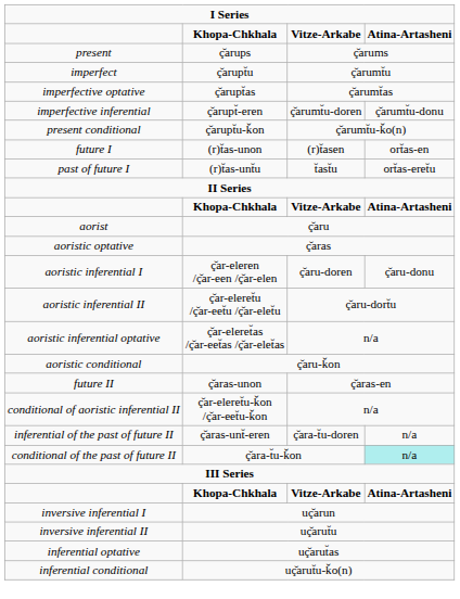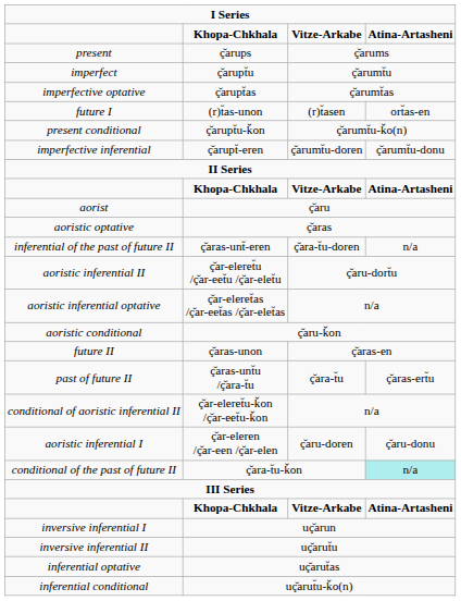 <table class="wikitable" style="text-align:center;">
 <tr>
 <td colspan="4"><strong>I Series</strong></td>
 </tr>
 <tr>
 <td></td>
 <td><strong>Khopa-Chkhala</strong></td>
 <td><strong>Vitze-Arkabe</strong></td>
 <td><strong>Atina-Artasheni</strong></td>
 </tr>
 <tr>
 <td><em>present</em></td>
 <td>ç̌arups</td>
 <td colspan="2">ç̌arums</td>
 </tr>
 <tr>
 <td><em>imperfect</em></td>
 <td>ç̌arupt̆u</td>
 <td colspan="2">ç̌arumt̆u</td>
 </tr>
 <tr>
 <td><em>imperfective optative</em></td>
 <td>ç̌arupt̆as</td>
 <td colspan="2">ç̌arumt̆as</td>
 </tr>
 <tr>
-<td><em>imperfective inferential</em></td>
-<td>ç̌arupt̆-eren</td>
-<td>ç̌arumt̆u-doren</td>
-<td>ç̌arumt̆u-donu</td>
+<td><em>future I</em></td>
+<td>(r)t̆as-unon</td>
+<td>(r)t̆asen</td>
+<td>ort̆as-en</td>
 </tr>
 <tr>
 <td><em>present conditional</em></td>
 <td>ç̌arupt̆u-ǩon</td>
 <td colspan="2">ç̌arumt̆u-ǩo(n)</td>
 </tr>
 <tr>
-<td><em>future I</em></td>
-<td>(r)t̆as-unon</td>
-<td>(r)t̆asen</td>
-<td>ort̆as-en</td>
-</tr>
-<tr>
-<td><em>past of future I</em></td>
-<td>(r)t̆as-unt̆u</td>
-<td>t̆ast̆u</td>
-<td>ort̆as-eret̆u</td>
+<td><em>imperfective inferential</em></td>
+<td>ç̌arupt̆-eren</td>
+<td>ç̌arumt̆u-doren</td>
+<td>ç̌arumt̆u-donu</td>
 </tr>
 <tr>
 <td colspan="4"><strong>II Series</strong></td>
 </tr>
 <tr>
 <td></td>
 <td><strong>Khopa-Chkhala</strong></td>
 <td><strong>Vitze-Arkabe</strong></td>
 <td><strong>Atina-Artasheni</strong></td>
 </tr>
 <tr>
 <td><em>aorist</em></td>
 <td colspan="3">ç̌aru</td>
 </tr>
 <tr>
 <td><em>aoristic optative</em></td>
 <td colspan="3">ç̌aras</td>
 </tr>
 <tr>
-<td><em>aoristic inferential I</em></td>
-<td>ç̌ar-eleren<br>/ç̌ar-een /ç̌ar-elen</td>
-<td>ç̌aru-doren</td>
-<td>ç̌aru-donu</td>
+<td><em>inferential of the past of future II</em></td>
+<td>ç̌aras-unt̆-eren</td>
+<td>ç̌ara-t̆u-doren</td>
+<td>n/a</td>
 </tr>
 <tr>
 <td><em>aoristic inferential II</em></td>
 <td>ç̌ar-eleret̆u<br>/ç̌ar-eet̆u /ç̌ar-elet̆u</td>
 <td colspan="2">ç̌aru-dort̆u</td>
 </tr>
 <tr>
 <td><em>aoristic inferential optative</em></td>
 <td>ç̌ar-eleret̆as<br>/ç̌ar-eet̆as /ç̌ar-elet̆as</td>
 <td colspan="2">n/a</td>
 </tr>
 <tr>
 <td><em>aoristic conditional</em></td>
 <td colspan="3">ç̌aru-ǩon</td>
 </tr>
 <tr>
 <td><em>future II</em></td>
 <td>ç̌aras-unon</td>
 <td colspan="2">ç̌aras-en</td>
 </tr>
 <tr>
+<td><em>past of future II</em></td>
+<td>ç̌aras-unt̆u<br>/ç̌ara-t̆u</td>
+<td>ç̌ara-t̆u</td>
+<td>ç̌aras-ert̆u</td>
+</tr>
+<tr>
 <td><em>conditional of aoristic inferential II</em></td>
 <td>ç̌ar-eleret̆u-ǩon<br>/ç̌ar-eet̆u-ǩon</td>
 <td colspan="2">n/a</td>
 </tr>
 <tr>
-<td><em>inferential of the past of future II</em></td>
-<td>ç̌aras-unt̆-eren</td>
-<td>ç̌ara-t̆u-doren</td>
-<td>n/a</td>
+<td><em>aoristic inferential I</em></td>
+<td>ç̌ar-eleren<br>/ç̌ar-een /ç̌ar-elen</td>
+<td>ç̌aru-doren</td>
+<td>ç̌aru-donu</td>
 </tr>
 <tr>
 <td><em>conditional of the past of future II</em></td>
 <td colspan="2">ç̌ara-t̆u-ǩon</td>
 <td style="background: paleturquoise;">n/a</td>
 </tr>
 <tr>
 <td colspan="4"><strong>III Series</strong></td>
 </tr>
 <tr>
 <td></td>
 <td><strong>Khopa-Chkhala</strong></td>
 <td><strong>Vitze-Arkabe</strong></td>
 <td><strong>Atina-Artasheni</strong></td>
 </tr>
 <tr>
 <td><em>inversive inferential I</em></td>
 <td colspan="3">uç̌arun</td>
 </tr>
 <tr>
 <td><em>inversive inferential II</em></td>
 <td colspan="3">uç̌arut̆u</td>
 </tr>
 <tr>
 <td><em>inferential optative</em></td>
 <td colspan="3">uç̌arut̆as</td>
 </tr>
 <tr>
 <td><em>inferential conditional</em></td>
 <td colspan="3">uç̌arut̆u-ǩo(n)</td>
 </tr>
 </table>
